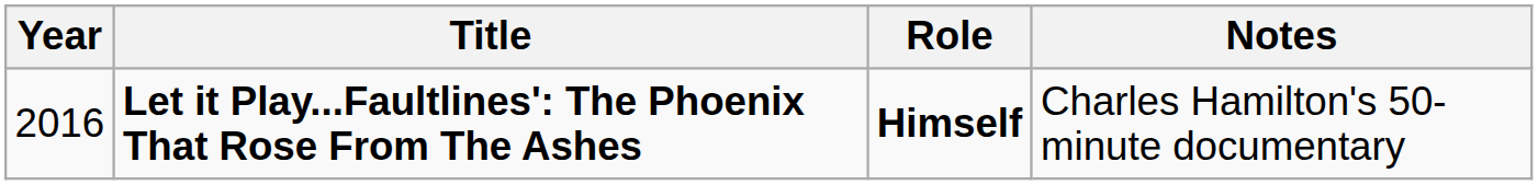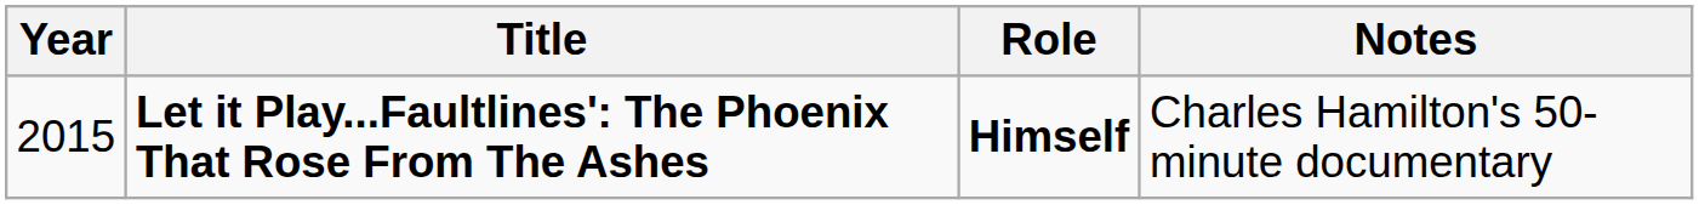 <table class="wikitable sortable plainrowheaders">
 <tr>
 <th>Year</th>
 <th>Title</th>
 <th>Role</th>
 <th class="unsortable">Notes</th>
 </tr>
 <tr>
-<td>2016</td>
+<td>2015</td>
 <td><strong>Let it Play...Faultlines': The Phoenix That Rose From The Ashes<em></td>
 <td><strong>Himself</strong></td>
 <td>Charles Hamilton's 50-minute documentary</td>
 </tr>
 </table>
